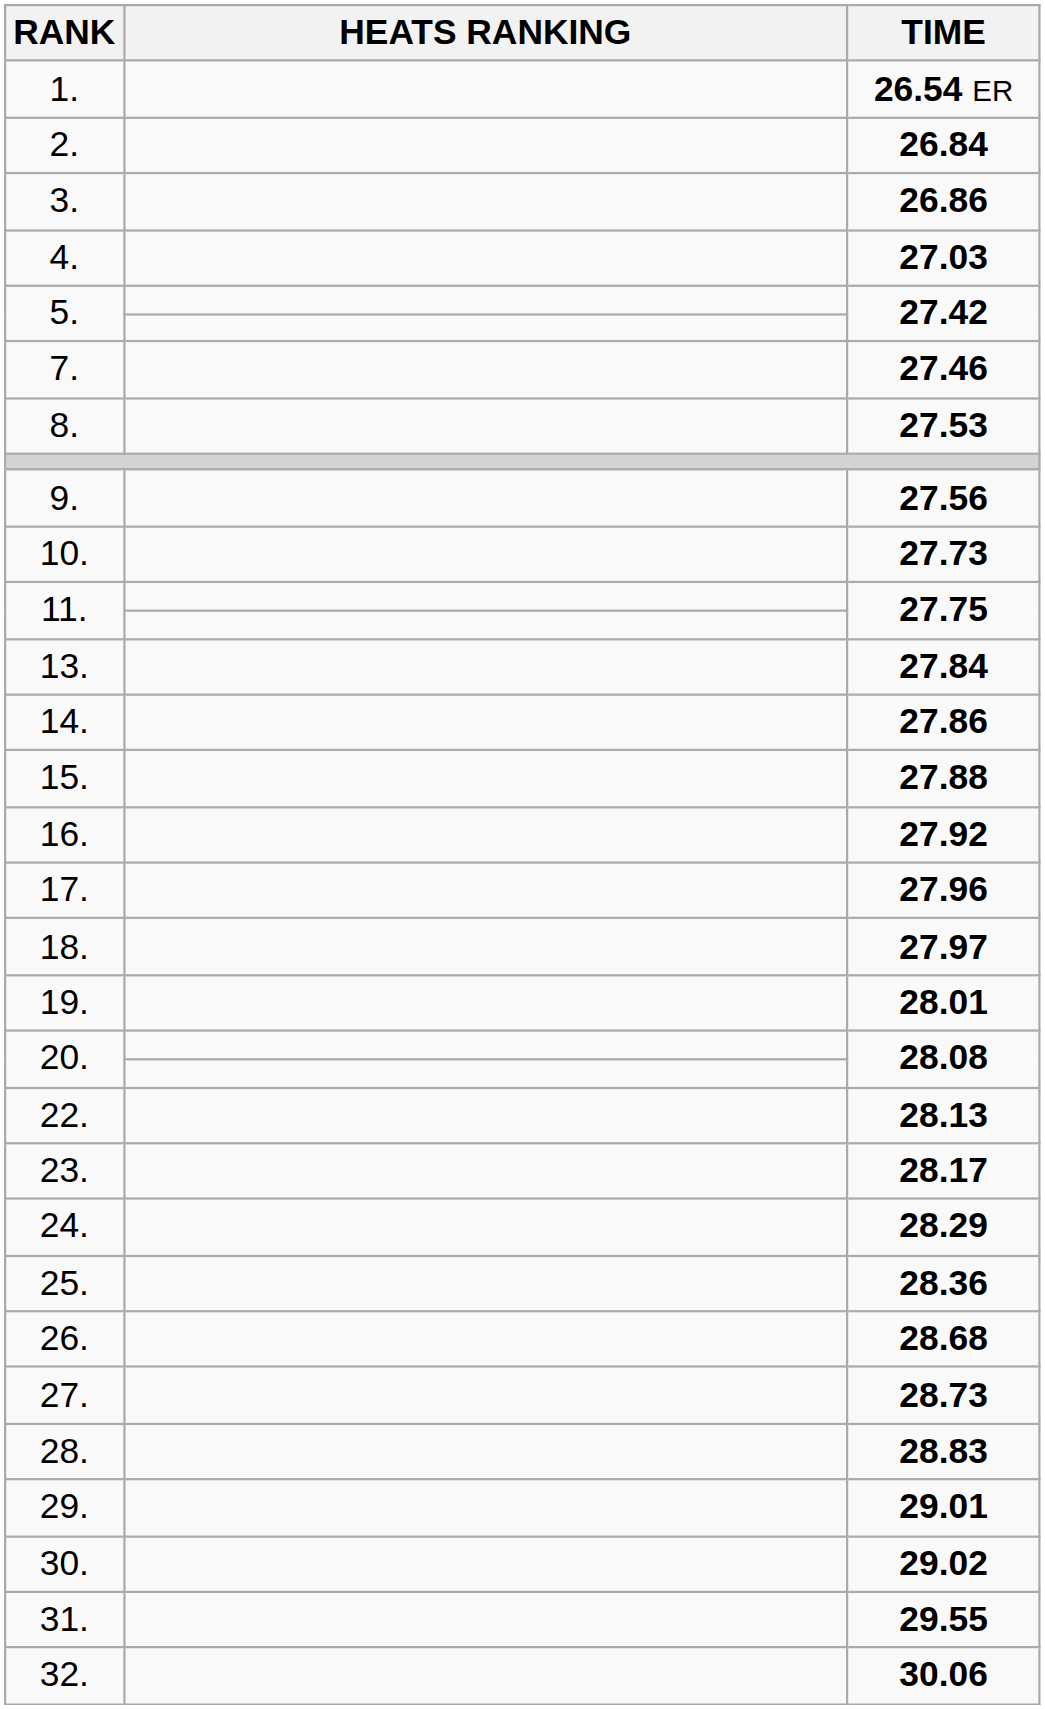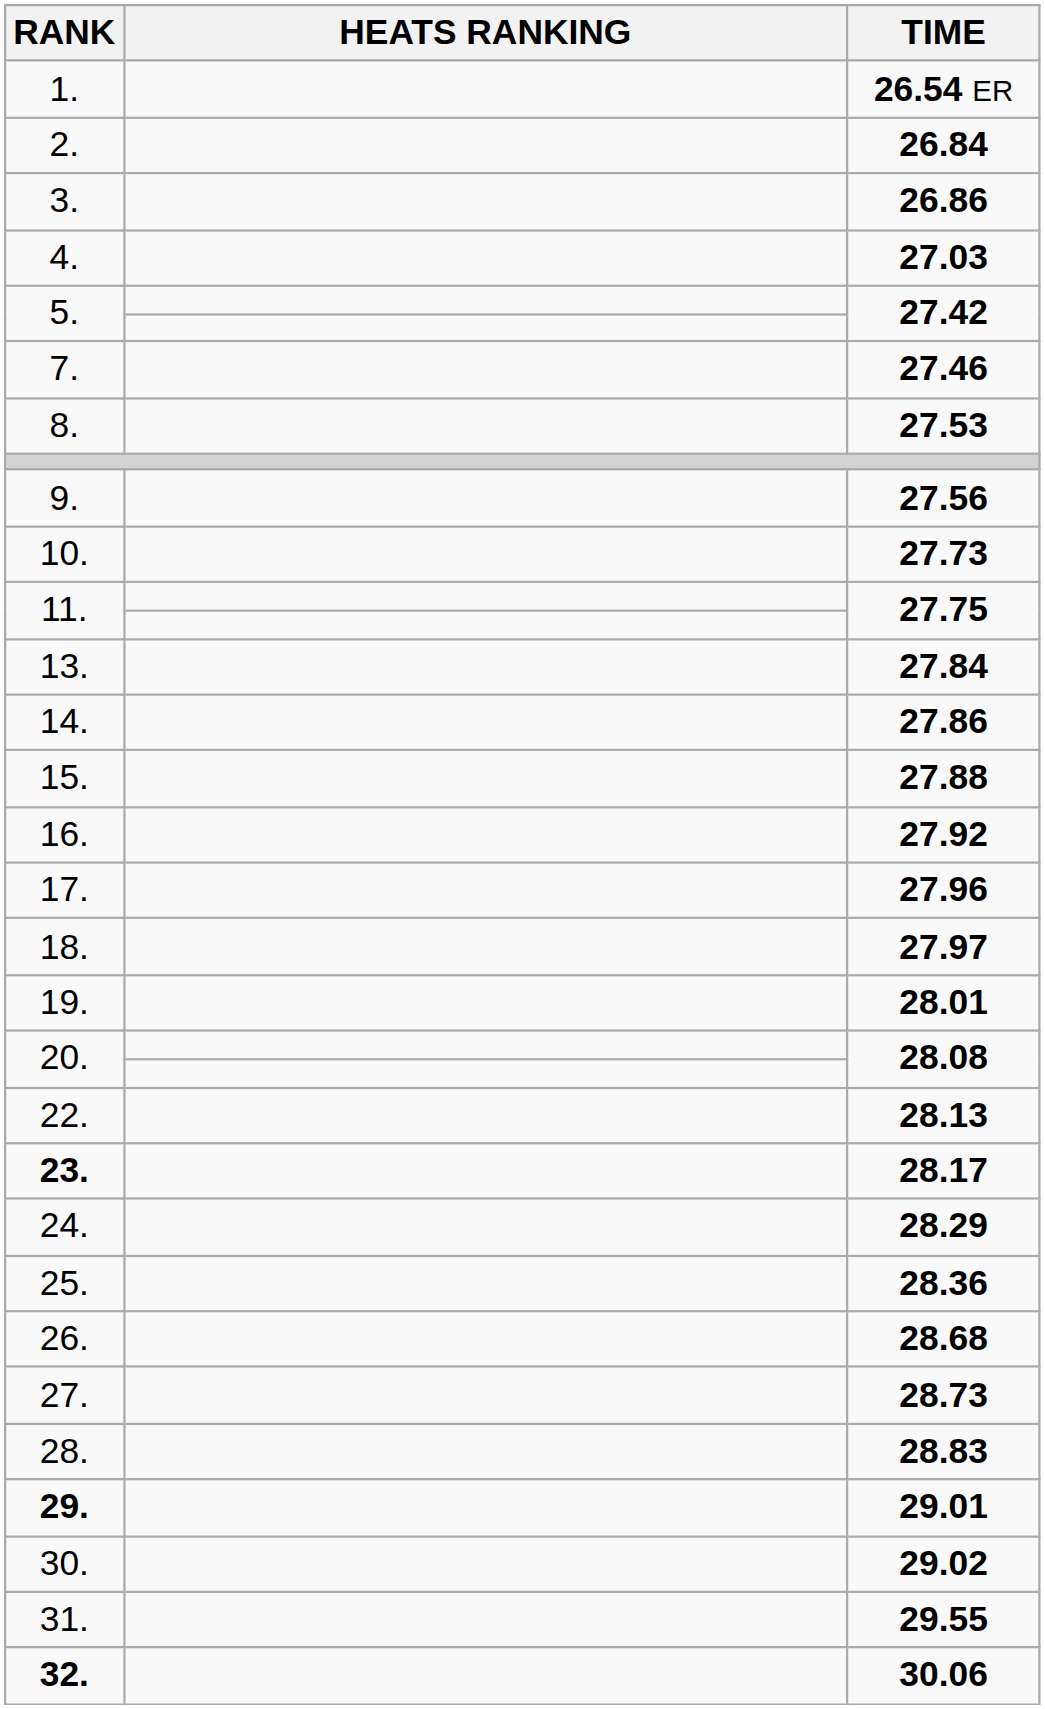 <table class="wikitable">
 <tr>
 <th>RANK</th>
 <th style="width: 20em">HEATS RANKING</th>
 <th style="width: 5em">TIME</th>
 </tr>
 <tr>
 <td align="center">1.</td>
 <td></td>
 <td align="center"><strong>26.54</strong> <small>ER</small></td>
 </tr>
 <tr>
 <td align="center">2.</td>
 <td></td>
 <td align="center"><strong>26.84</strong></td>
 </tr>
 <tr>
 <td align="center">3.</td>
 <td></td>
 <td align="center"><strong>26.86</strong></td>
 </tr>
 <tr>
 <td align="center">4.</td>
 <td></td>
 <td align="center"><strong>27.03</strong></td>
 </tr>
 <tr>
 <td rowspan=2 align="center">5.</td>
 <td></td>
 <td rowspan=2 align="center"><strong>27.42</strong></td>
 </tr>
 <tr>
 <td></td>
 </tr>
 <tr>
 <td align="center">7.</td>
 <td></td>
 <td align="center"><strong>27.46</strong></td>
 </tr>
 <tr>
 <td align="center">8.</td>
 <td></td>
 <td align="center"><strong>27.53</strong></td>
 </tr>
 <tr>
 <td colspan=3 bgcolor=lightgray></td>
 </tr>
 <tr>
 <td align="center">9.</td>
 <td></td>
 <td align="center"><strong>27.56</strong></td>
 </tr>
 <tr>
 <td align="center">10.</td>
 <td></td>
 <td align="center"><strong>27.73</strong></td>
 </tr>
 <tr>
 <td rowspan=2 align="center">11.</td>
 <td></td>
 <td rowspan=2 align="center"><strong>27.75</strong></td>
 </tr>
 <tr>
 <td></td>
 </tr>
 <tr>
 <td align="center">13.</td>
 <td></td>
 <td align="center"><strong>27.84</strong></td>
 </tr>
 <tr>
 <td align="center">14.</td>
 <td></td>
 <td align="center"><strong>27.86</strong></td>
 </tr>
 <tr>
 <td align="center">15.</td>
 <td></td>
 <td align="center"><strong>27.88</strong></td>
 </tr>
 <tr>
 <td align="center">16.</td>
 <td></td>
 <td align="center"><strong>27.92</strong></td>
 </tr>
 <tr>
 <td align="center">17.</td>
 <td></td>
 <td align="center"><strong>27.96</strong></td>
 </tr>
 <tr>
 <td align="center">18.</td>
 <td></td>
 <td align="center"><strong>27.97</strong></td>
 </tr>
 <tr>
 <td align="center">19.</td>
 <td></td>
 <td align="center"><strong>28.01</strong></td>
 </tr>
 <tr>
 <td rowspan=2 align="center">20.</td>
 <td></td>
 <td rowspan=2 align="center"><strong>28.08</strong></td>
 </tr>
 <tr>
 <td></td>
 </tr>
 <tr>
 <td align="center">22.</td>
 <td></td>
 <td align="center"><strong>28.13</strong></td>
 </tr>
 <tr>
-<td align="center">23.</td>
+<td align="center"><strong>23.</strong></td>
 <td></td>
 <td align="center"><strong>28.17</strong></td>
 </tr>
 <tr>
 <td align="center">24.</td>
 <td></td>
 <td align="center"><strong>28.29</strong></td>
 </tr>
 <tr>
 <td align="center">25.</td>
 <td></td>
 <td align="center"><strong>28.36</strong></td>
 </tr>
 <tr>
 <td align="center">26.</td>
 <td></td>
 <td align="center"><strong>28.68</strong></td>
 </tr>
 <tr>
 <td align="center">27.</td>
 <td></td>
 <td align="center"><strong>28.73</strong></td>
 </tr>
 <tr>
 <td align="center">28.</td>
 <td></td>
 <td align="center"><strong>28.83</strong></td>
 </tr>
 <tr>
-<td align="center">29.</td>
+<td align="center"><strong>29.</strong></td>
 <td></td>
 <td align="center"><strong>29.01</strong></td>
 </tr>
 <tr>
 <td align="center">30.</td>
 <td></td>
 <td align="center"><strong>29.02</strong></td>
 </tr>
 <tr>
 <td align="center">31.</td>
 <td></td>
 <td align="center"><strong>29.55</strong></td>
 </tr>
 <tr>
-<td align="center">32.</td>
+<td align="center"><strong>32.</strong></td>
 <td></td>
 <td align="center"><strong>30.06</strong></td>
 </tr>
 </table>
